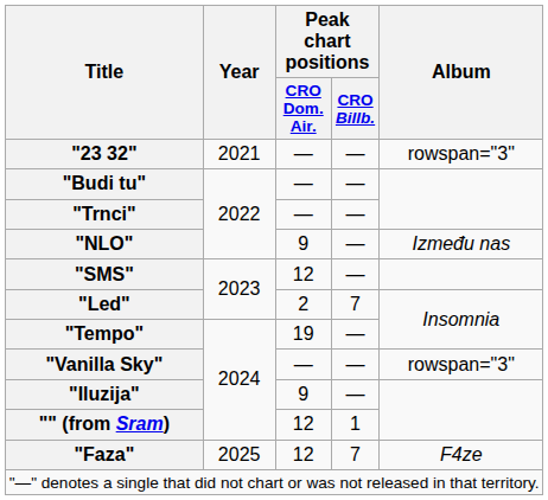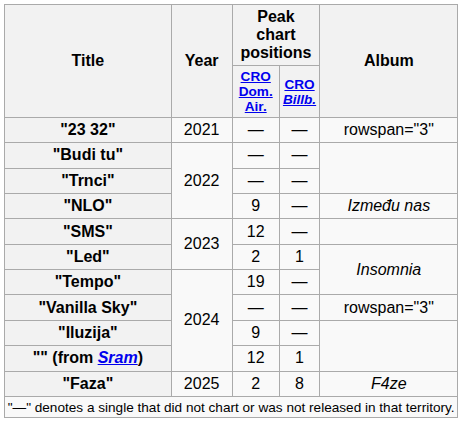 <table class="wikitable plainrowheaders" style="text-align:center;">
 <tr>
 <th scope="col" rowspan="2">Title</th>
 <th scope="col" rowspan="2">Year</th>
 <th scope="col" colspan="2">Peak chart positions</th>
 <th scope="col" rowspan="2">Album</th>
 </tr>
 <tr>
 <th scope="col" style="width:3em; font-size:85%;"><a href='#'>CRO<br>Dom.<br>Air.</a><br></th>
 <th style="width:2.5em; font-size:85%"><a href='#'>CRO<br><em>Billb.</em></a><br></th>
 </tr>
 <tr>
 <th scope="row">"23 32"</th>
 <td>2021</td>
 <td>—</td>
 <td>—</td>
 <td>rowspan="3" </td>
 </tr>
 <tr>
 <th scope="row">"Budi tu"</th>
 <td rowspan="3">2022</td>
 <td>—</td>
 <td>—</td>
 </tr>
 <tr>
 <th scope="row">"Trnci"</th>
 <td>—</td>
 <td>—</td>
 </tr>
 <tr>
 <th scope="row">"NLO"<br></th>
 <td>9</td>
 <td>—</td>
 <td><em>Između nas</em></td>
 </tr>
 <tr>
 <th scope="row">"SMS"</th>
 <td rowspan="2">2023</td>
 <td>12</td>
 <td>—</td>
 <td></td>
 </tr>
 <tr>
 <th scope="row">"Led"<br></th>
 <td>2</td>
-<td>7</td>
+<td>1</td>
 <td rowspan="2"><em>Insomnia</em></td>
 </tr>
 <tr>
 <th scope="row">"Tempo"</th>
 <td rowspan="4">2024</td>
 <td>19</td>
 <td>—</td>
 </tr>
 <tr>
 <th scope="row">"Vanilla Sky"<br></th>
 <td>—</td>
 <td>—</td>
 <td>rowspan="3" </td>
 </tr>
 <tr>
 <th scope="row">"Iluzija"</th>
 <td>9</td>
 <td>—</td>
 </tr>
 <tr>
 <th scope="row">"" (from <em><a href='#'>Sram</a></em>)<br></th>
 <td>12</td>
 <td>1</td>
 </tr>
 <tr>
 <th scope="row">"Faza"</th>
 <td>2025</td>
-<td>12</td>
-<td>7</td>
+<td>2</td>
+<td>8</td>
 <td><em>F4ze</em></td>
 </tr>
 <tr>
 <td colspan="20" style="text-align:center; font-size:85%;">"—" denotes a single that did not chart or was not released in that territory.</td>
 </tr>
 </table>
